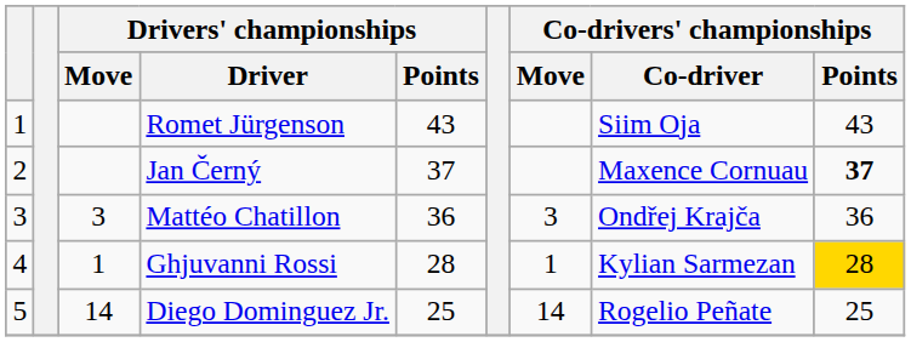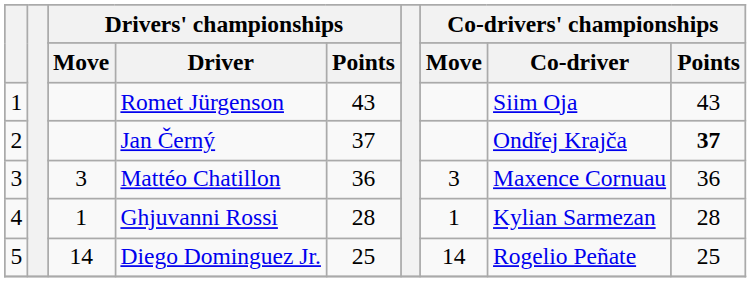 <table class="wikitable" style="font-size:85%;">
 <tr>
 <th rowspan="2"></th>
 <th rowspan="7" style="width:5px;"></th>
 <th colspan="3">Drivers' championships</th>
 <th rowspan="7" style="width:5px;"></th>
 <th colspan="3" nowrap>Co-drivers' championships</th>
 </tr>
 <tr>
 <th>Move</th>
 <th>Driver</th>
 <th>Points</th>
 <th>Move</th>
 <th>Co-driver</th>
 <th>Points</th>
 </tr>
 <tr>
 <td align="center">1</td>
 <td align="center"></td>
 <td><a href='#'>Romet Jürgenson</a></td>
 <td align="center">43</td>
 <td align="center"></td>
 <td><a href='#'>Siim Oja</a></td>
 <td align="center">43</td>
 </tr>
 <tr>
 <td align="center">2</td>
 <td align="center"></td>
 <td><a href='#'>Jan Černý</a></td>
 <td align="center">37</td>
 <td align="center"></td>
-<td><a href='#'>Maxence Cornuau</a></td>
+<td><a href='#'>Ondřej Krajča</a></td>
 <td align="center"><strong>37</strong></td>
 </tr>
 <tr>
 <td align="center">3</td>
 <td align="center"> 3</td>
 <td><a href='#'>Mattéo Chatillon</a></td>
 <td align="center">36</td>
 <td align="center"> 3</td>
-<td><a href='#'>Ondřej Krajča</a></td>
+<td><a href='#'>Maxence Cornuau</a></td>
 <td align="center">36</td>
 </tr>
 <tr>
 <td align="center">4</td>
 <td align="center"> 1</td>
 <td><a href='#'>Ghjuvanni Rossi</a></td>
 <td align="center">28</td>
 <td align="center"> 1</td>
 <td><a href='#'>Kylian Sarmezan</a></td>
-<td align="center" style="background: gold;">28</td>
+<td align="center">28</td>
 </tr>
 <tr>
 <td align="center">5</td>
 <td align="center"> 14</td>
 <td><a href='#'>Diego Dominguez Jr.</a></td>
 <td align="center">25</td>
 <td align="center"> 14</td>
 <td><a href='#'>Rogelio Peñate</a></td>
 <td align="center">25</td>
 </tr>
 <tr>
 </tr>
 </table>
